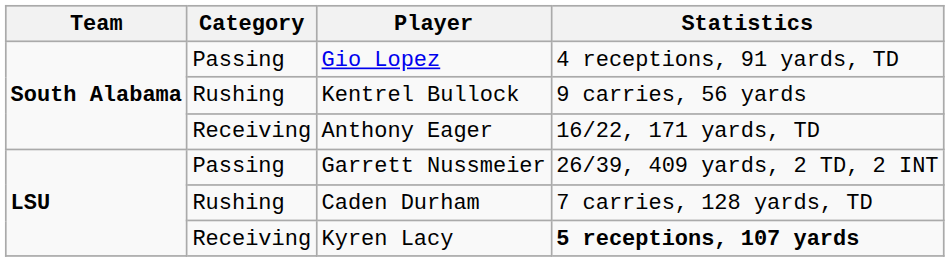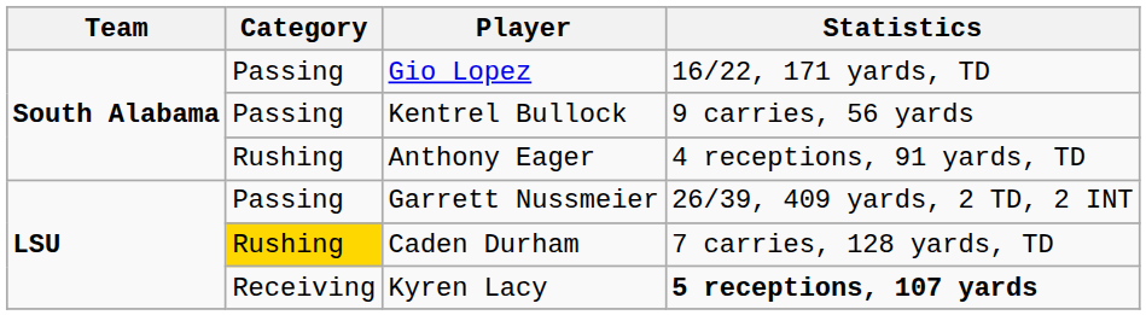 <table class="wikitable" style="float: right;">
 <tr>
 <th>Team</th>
 <th>Category</th>
 <th>Player</th>
 <th>Statistics</th>
 </tr>
 <tr>
 <td rowspan=3><strong>South Alabama</strong></td>
 <td>Passing</td>
 <td><a href='#'>Gio Lopez</a></td>
-<td>4 receptions, 91 yards, TD</td>
+<td>16/22, 171 yards, TD</td>
 </tr>
 <tr>
-<td>Rushing</td>
+<td>Passing</td>
 <td>Kentrel Bullock</td>
 <td>9 carries, 56 yards</td>
 </tr>
 <tr>
-<td>Receiving</td>
+<td>Rushing</td>
 <td>Anthony Eager</td>
-<td>16/22, 171 yards, TD</td>
+<td>4 receptions, 91 yards, TD</td>
 </tr>
 <tr>
 <td rowspan=3><strong>LSU</strong></td>
 <td>Passing</td>
 <td>Garrett Nussmeier</td>
 <td>26/39, 409 yards, 2 TD, 2 INT</td>
 </tr>
 <tr>
-<td>Rushing</td>
+<td style="background: gold;">Rushing</td>
 <td>Caden Durham</td>
 <td>7 carries, 128 yards, TD</td>
 </tr>
 <tr>
 <td>Receiving</td>
 <td>Kyren Lacy</td>
 <td><strong>5 receptions, 107 yards</strong></td>
 </tr>
 </table>
